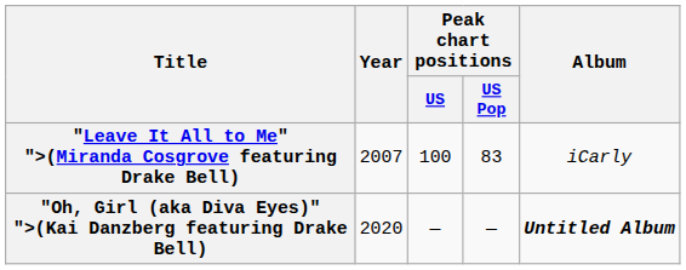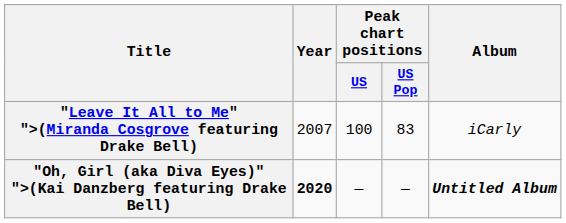 <table class="wikitable plainrowheaders" style="text-align:center;" border="1">
 <tr>
 <th scope="col" rowspan="2" style="width:19em;">Title</th>
 <th scope="col" rowspan="2" style="width:1em;">Year</th>
 <th scope="col" colspan="2">Peak chart positions</th>
 <th scope="col" rowspan="2">Album</th>
 </tr>
 <tr>
 <th scope="col" style="width:3em;font-size:90%;"><a href='#'>US</a><br></th>
 <th scope="col" style="width:3em;font-size:90%;"><a href='#'>US<br>Pop</a><br></th>
 </tr>
 <tr>
 <th scope="row">"<a href='#'>Leave It All to Me</a>"<br><span>">(<a href='#'>Miranda Cosgrove</a> featuring Drake Bell)</span></th>
 <td>2007</td>
 <td>100</td>
 <td>83</td>
 <td><em>iCarly</em></td>
 </tr>
 <tr>
 <th scope="row">"Oh, Girl (aka Diva Eyes)"<br><span>">(Kai Danzberg featuring Drake Bell)</span></th>
-<td>2020</td>
+<td><strong>2020</strong></td>
 <td>—</td>
 <td>—</td>
 <td><strong><em>Untitled Album</em></strong></td>
 </tr>
 </table>
